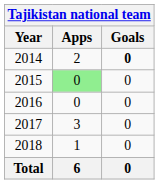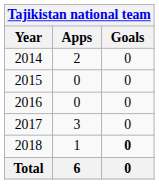 <table class="wikitable" style="text-align:center">
 <tr>
 <th colspan=3><a href='#'>Tajikistan national team</a></th>
 </tr>
 <tr>
 <th>Year</th>
 <th>Apps</th>
 <th>Goals</th>
 </tr>
 <tr>
 <td>2014</td>
 <td>2</td>
-<td><strong>0</strong></td>
+<td>0</td>
 </tr>
 <tr>
 <td>2015</td>
-<td style="background: lightgreen;">0</td>
+<td>0</td>
 <td>0</td>
 </tr>
 <tr>
 <td>2016</td>
 <td>0</td>
 <td>0</td>
 </tr>
 <tr>
 <td>2017</td>
 <td>3</td>
 <td>0</td>
 </tr>
 <tr>
 <td>2018</td>
 <td>1</td>
-<td>0</td>
+<td><strong>0</strong></td>
 </tr>
 <tr>
 <th>Total</th>
 <th>6</th>
 <th>0</th>
 </tr>
 </table>
